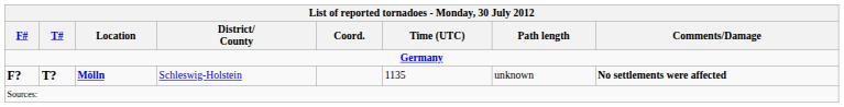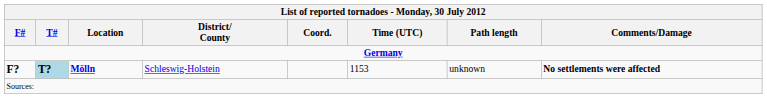 <table class="wikitable collapsible" width="100%">
 <tr>
 <th colspan="8">List of reported tornadoes - Monday, 30 July 2012</th>
 </tr>
 <tr>
 <th><a href='#'>F#</a></th>
 <th><a href='#'>T#</a></th>
 <th>Location</th>
 <th>District/<br>County</th>
 <th>Coord.</th>
 <th>Time (UTC)</th>
 <th>Path length</th>
 <th>Comments/Damage</th>
 </tr>
 <tr>
 <td colspan="8" align=center><strong><a href='#'>Germany</a></strong></td>
 </tr>
 <tr>
 <td><big><strong>F?</strong></big></td>
-<td><big><strong>T?</strong></big></td>
+<td style="background: lightblue;"><big><strong>T?</strong></big></td>
 <td><strong><a href='#'>Mölln</a></strong></td>
 <td><a href='#'>Schleswig-Holstein</a></td>
 <td></td>
-<td>1135</td>
+<td>1153</td>
 <td>unknown</td>
 <td><strong>No settlements were affected</strong></td>
 </tr>
 <tr>
 <td colspan="8"><small>Sources:  </small></td>
 </tr>
 </table>
